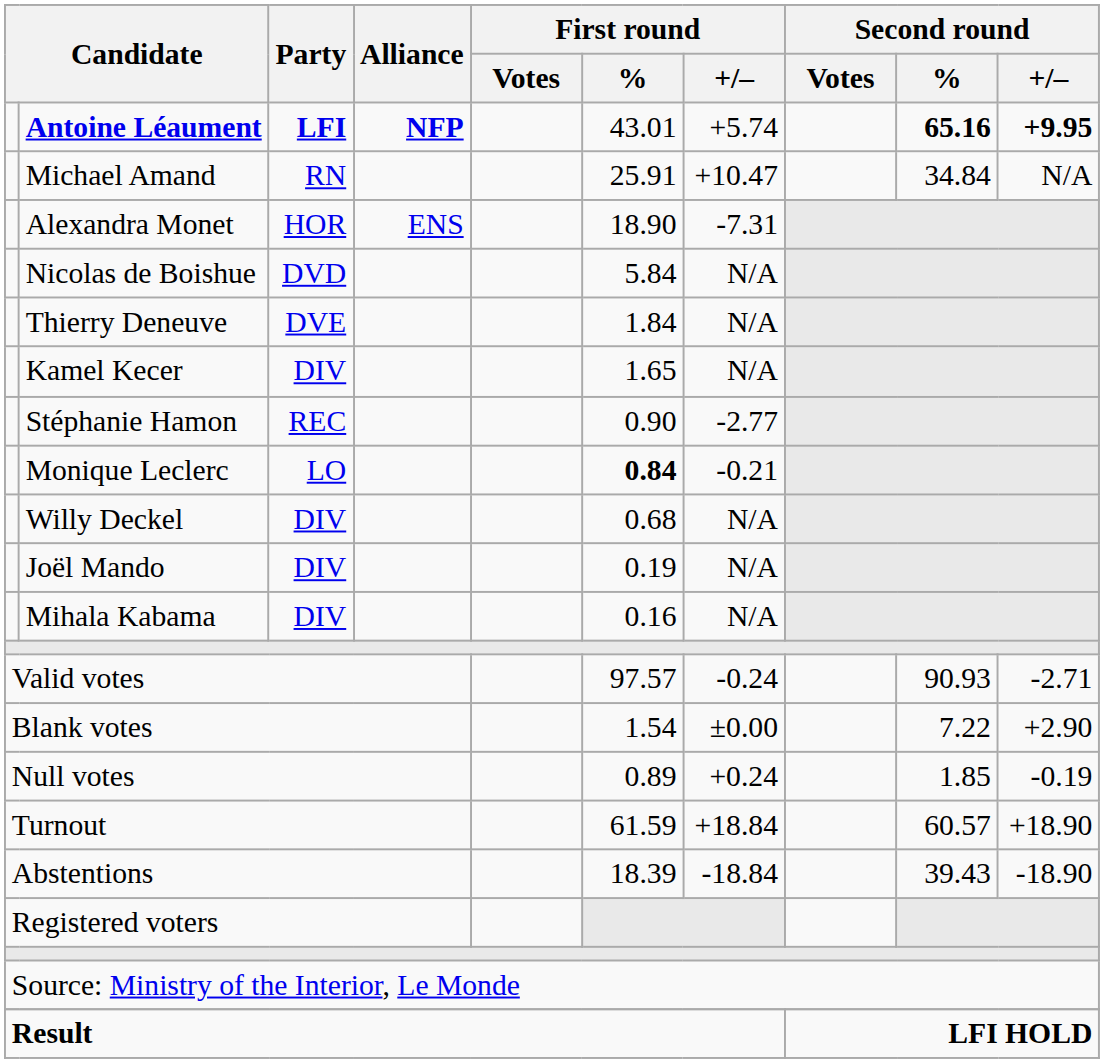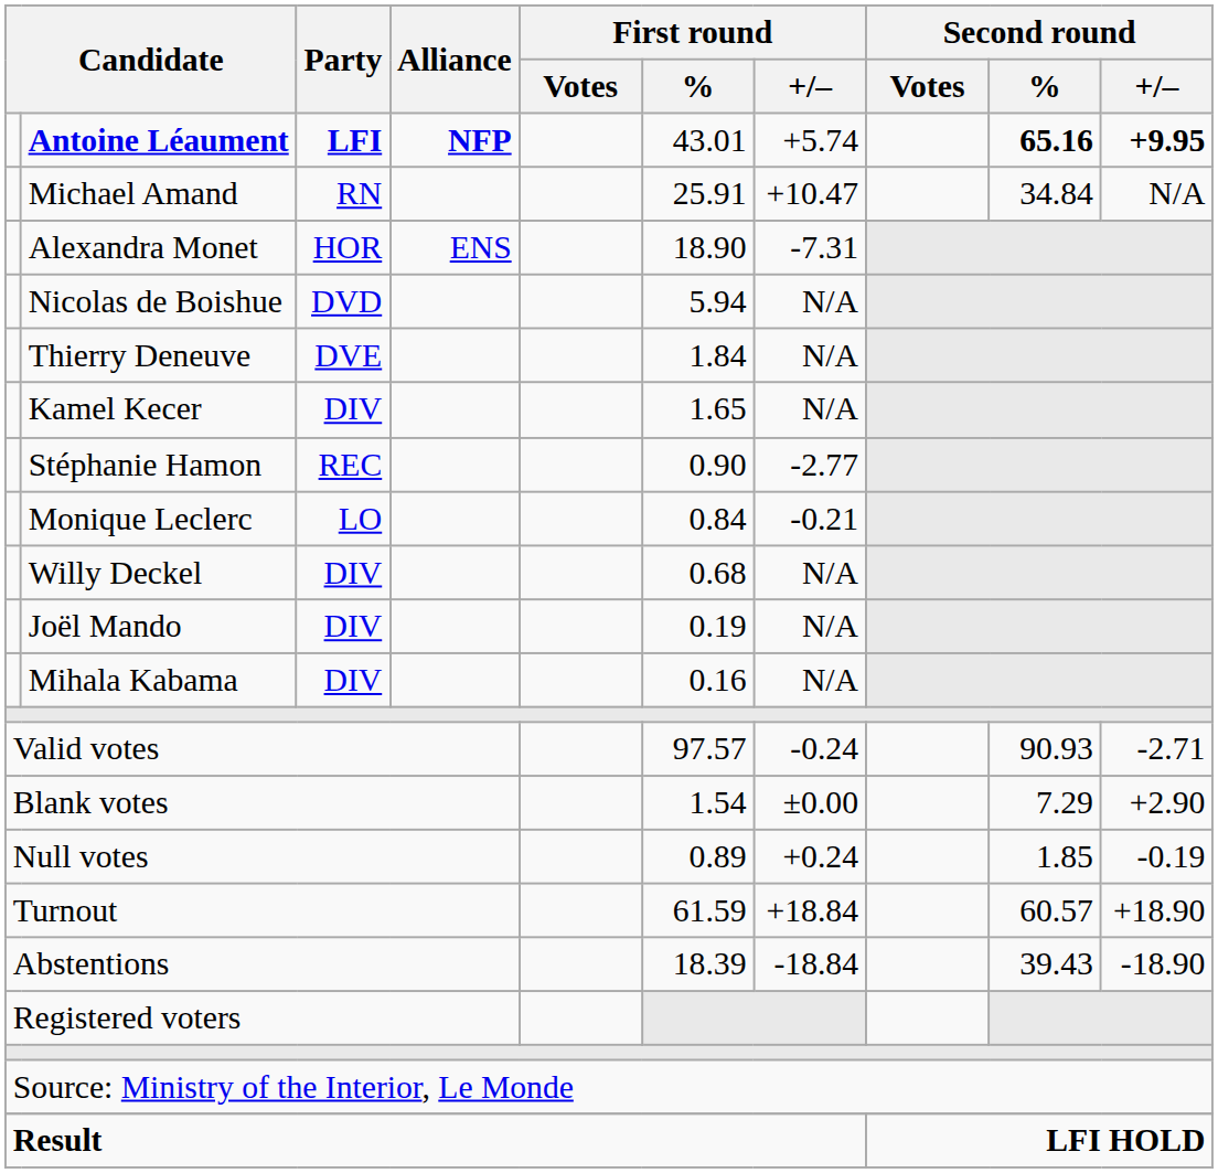 <table class="wikitable" style="text-align:right;font-size:95%;">
 <tr>
 <th rowspan="2" colspan="2">Candidate</th>
 <th rowspan="2">Party</th>
 <th rowspan="2">Alliance</th>
 <th colspan="3">First round</th>
 <th colspan="3">Second round</th>
 </tr>
 <tr>
 <th style="width:50px;">Votes</th>
 <th style="width:45px;">%</th>
 <th style="width:45px;">+/–</th>
 <th style="width:50px;">Votes</th>
 <th style="width:45px;">%</th>
 <th style="width:45px;">+/–</th>
 </tr>
 <tr>
 <td style="color:inherit;background:"></td>
 <td style="text-align:left;"><strong><a href='#'>Antoine Léaument</a></strong></td>
 <td><a href='#'><strong>LFI</strong></a></td>
 <td><a href='#'><strong>NFP</strong></a></td>
 <td></td>
 <td>43.01</td>
 <td>+5.74</td>
 <td><strong></strong></td>
 <td><strong>65.16</strong></td>
 <td><strong>+9.95</strong></td>
 </tr>
 <tr>
 <td style="color:inherit;background:"></td>
 <td style="text-align:left;">Michael Amand</td>
 <td><a href='#'>RN</a></td>
 <td></td>
 <td></td>
 <td>25.91</td>
 <td>+10.47</td>
 <td></td>
 <td>34.84</td>
 <td>N/A</td>
 </tr>
 <tr>
 <td style="color:inherit;background:"></td>
 <td style="text-align:left;">Alexandra Monet</td>
 <td><a href='#'>HOR</a></td>
 <td><a href='#'>ENS</a></td>
 <td></td>
 <td>18.90</td>
 <td>-7.31</td>
 <td colspan="3" style="background:#E9E9E9;"></td>
 </tr>
 <tr>
 <td style="color:inherit;background:"></td>
 <td style="text-align:left;">Nicolas de Boishue</td>
 <td><a href='#'>DVD</a></td>
 <td></td>
 <td></td>
-<td>5.84</td>
+<td>5.94</td>
 <td>N/A</td>
 <td colspan="3" style="background:#E9E9E9;"></td>
 </tr>
 <tr>
 <td style="color:inherit;background:"></td>
 <td style="text-align:left;">Thierry Deneuve</td>
 <td><a href='#'>DVE</a></td>
 <td></td>
 <td></td>
 <td>1.84</td>
 <td>N/A</td>
 <td colspan="3" style="background:#E9E9E9;"></td>
 </tr>
 <tr>
 <td style="color:inherit;background:"></td>
 <td style="text-align:left;">Kamel Kecer</td>
 <td><a href='#'>DIV</a></td>
 <td></td>
 <td></td>
 <td>1.65</td>
 <td>N/A</td>
 <td colspan="3" style="background:#E9E9E9;"></td>
 </tr>
 <tr>
 <td style="color:inherit;background:"></td>
 <td style="text-align:left;">Stéphanie Hamon</td>
 <td><a href='#'>REC</a></td>
 <td></td>
 <td></td>
 <td>0.90</td>
 <td>-2.77</td>
 <td colspan="3" style="background:#E9E9E9;"></td>
 </tr>
 <tr>
 <td style="color:inherit;background:"></td>
 <td style="text-align:left;">Monique Leclerc</td>
 <td><a href='#'>LO</a></td>
 <td></td>
 <td></td>
-<td><strong>0.84</strong></td>
+<td>0.84</td>
 <td>-0.21</td>
 <td colspan="3" style="background:#E9E9E9;"></td>
 </tr>
 <tr>
 <td style="color:inherit;background:"></td>
 <td style="text-align:left;">Willy Deckel</td>
 <td><a href='#'>DIV</a></td>
 <td></td>
 <td></td>
 <td>0.68</td>
 <td>N/A</td>
 <td colspan="3" style="background:#E9E9E9;"></td>
 </tr>
 <tr>
 <td style="color:inherit;background:"></td>
 <td style="text-align:left;">Joël Mando</td>
 <td><a href='#'>DIV</a></td>
 <td></td>
 <td></td>
 <td>0.19</td>
 <td>N/A</td>
 <td colspan="3" style="background:#E9E9E9;"></td>
 </tr>
 <tr>
 <td style="color:inherit;background:"></td>
 <td style="text-align:left;">Mihala Kabama</td>
 <td><a href='#'>DIV</a></td>
 <td></td>
 <td></td>
 <td>0.16</td>
 <td>N/A</td>
 <td colspan="3" style="background:#E9E9E9;"></td>
 </tr>
 <tr>
 <td colspan="10" style="background:#E9E9E9;"></td>
 </tr>
 <tr>
 <td colspan="4" style="text-align:left;">Valid votes</td>
 <td></td>
 <td>97.57</td>
 <td>-0.24</td>
 <td></td>
 <td>90.93</td>
 <td>-2.71</td>
 </tr>
 <tr>
 <td colspan="4" style="text-align:left;">Blank votes</td>
 <td></td>
 <td>1.54</td>
 <td>±0.00</td>
 <td></td>
-<td>7.22</td>
+<td>7.29</td>
 <td>+2.90</td>
 </tr>
 <tr>
 <td colspan="4" style="text-align:left;">Null votes</td>
 <td></td>
 <td>0.89</td>
 <td>+0.24</td>
 <td></td>
 <td>1.85</td>
 <td>-0.19</td>
 </tr>
 <tr>
 <td colspan="4" style="text-align:left;">Turnout</td>
 <td></td>
 <td>61.59</td>
 <td>+18.84</td>
 <td></td>
 <td>60.57</td>
 <td>+18.90</td>
 </tr>
 <tr>
 <td colspan="4" style="text-align:left;">Abstentions</td>
 <td></td>
 <td>18.39</td>
 <td>-18.84</td>
 <td></td>
 <td>39.43</td>
 <td>-18.90</td>
 </tr>
 <tr>
 <td colspan="4" style="text-align:left;">Registered voters</td>
 <td></td>
 <td colspan="2" style="background:#E9E9E9;"></td>
 <td></td>
 <td colspan="2" style="background:#E9E9E9;"></td>
 </tr>
 <tr>
 <td colspan="10" style="background:#E9E9E9;"></td>
 </tr>
 <tr>
 <td colspan="10" style="text-align:left;">Source: <a href='#'>Ministry of the Interior</a>, <a href='#'>Le Monde</a></td>
 </tr>
 <tr>
 </tr>
 <tr style="font-weight:bold">
 <td colspan="7" style="text-align:left;">Result</td>
 <td colspan="7" style="background-color:">LFI HOLD</td>
 </tr>
 </table>
